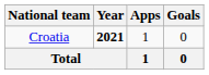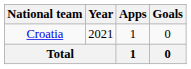 <table class=wikitable style=text-align:center>
 <tr>
 <th>National team</th>
 <th>Year</th>
 <th>Apps</th>
 <th>Goals</th>
 </tr>
 <tr>
 <td rowspan="1"><a href='#'>Croatia</a></td>
-<td><strong>2021</strong></td>
+<td>2021</td>
 <td>1</td>
 <td>0</td>
 </tr>
 <tr>
 <th colspan="2">Total</th>
 <th>1</th>
 <th>0</th>
 </tr>
 </table>
